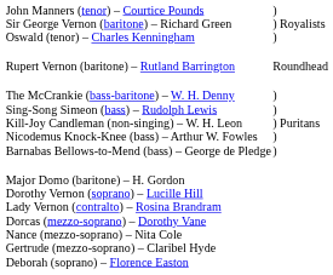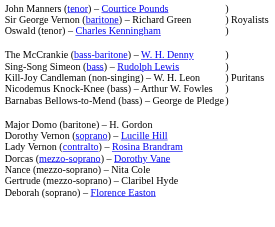 <table cellspacing="0">
 <tr>
 <td><br>John Manners (<a href='#'>tenor</a>) – <a href='#'>Courtice Pounds</a><br> Sir George Vernon (<a href='#'>baritone</a>) – Richard Green<br> Oswald (tenor) – <a href='#'>Charles Kenningham</a></td>
 <td><br>)<br> ) Royalists<br> )</td>
-</tr>
-<tr>
-<td><br>Rupert Vernon (baritone) – <a href='#'>Rutland Barrington</a></td>
-<td><br>Roundhead</td>
 </tr>
 <tr>
 <td><br>The McCrankie (<a href='#'>bass-baritone</a>) – <a href='#'>W. H. Denny</a><br> Sing-Song Simeon (<a href='#'>bass</a>) – <a href='#'>Rudolph Lewis</a> <br> Kill-Joy Candleman (non-singing) – W. H. Leon<br> Nicodemus Knock-Knee (bass) – Arthur W. Fowles<br> Barnabas Bellows-to-Mend (bass) – George de Pledge</td>
 <td><br>)<br> )<br> ) Puritans<br> )<br> )</td>
 </tr>
 <tr>
 <td><br>Major Domo (baritone) – H. Gordon<br> Dorothy Vernon (<a href='#'>soprano</a>) – <a href='#'>Lucille Hill</a><br> Lady Vernon (<a href='#'>contralto</a>) – <a href='#'>Rosina Brandram</a><br> Dorcas (<a href='#'>mezzo-soprano</a>) – <a href='#'>Dorothy Vane</a><br> Nance (mezzo-soprano) – Nita Cole<br> Gertrude (mezzo-soprano) – Claribel Hyde<br> Deborah (soprano) – <a href='#'>Florence Easton</a></td>
 </tr>
 </table>
